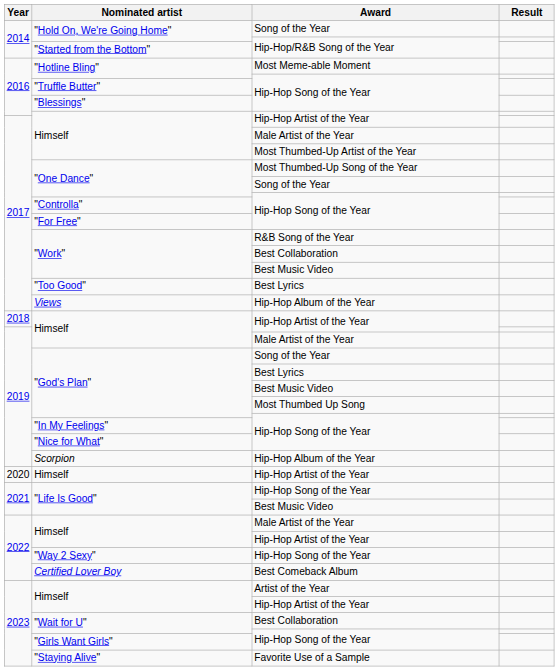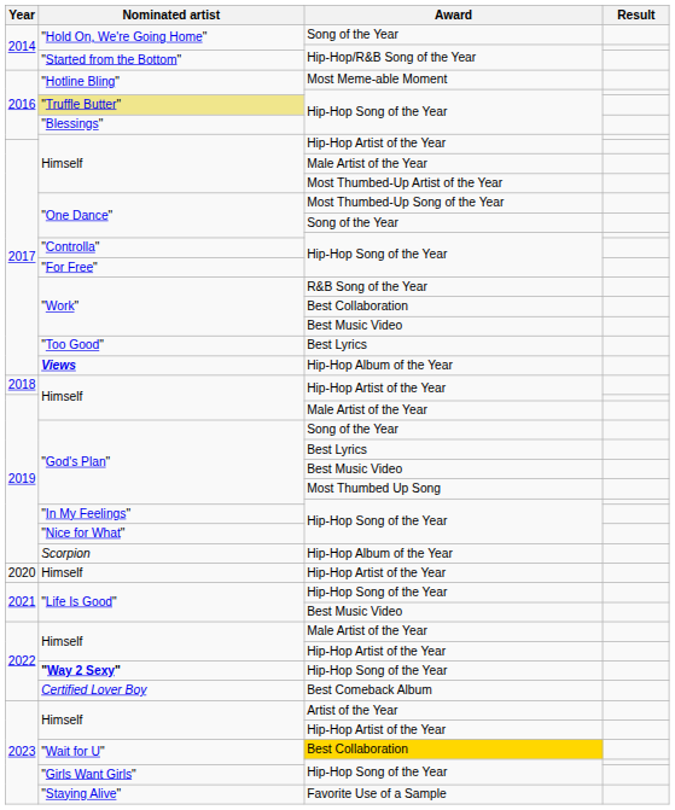 <table class="wikitable">
 <tr>
 <th style="width:5%;">Year</th>
 <th style="width:40%;">Nominated artist</th>
 <th style="width:45%;">Award</th>
 <th style="width:10%;">Result</th>
 </tr>
 <tr>
 <td rowspan="3"><a href='#'>2014</a></td>
 <td rowspan="2">"<a href='#'>Hold On, We're Going Home</a>" </td>
 <td>Song of the Year</td>
 <td></td>
 </tr>
 <tr>
 <td rowspan="2">Hip-Hop/R&B Song of the Year</td>
 <td></td>
 </tr>
 <tr>
 <td>"<a href='#'>Started from the Bottom</a>"</td>
 <td></td>
 </tr>
 <tr>
 <td rowspan="5"><a href='#'>2016</a></td>
 <td rowspan="2">"<a href='#'>Hotline Bling</a>"</td>
 <td>Most Meme-able Moment</td>
 <td></td>
 </tr>
 <tr>
 <td rowspan="3">Hip-Hop Song of the Year</td>
 <td></td>
 </tr>
 <tr>
-<td>"<a href='#'>Truffle Butter</a>" </td>
+<td style="background: khaki;">"<a href='#'>Truffle Butter</a>" </td>
 <td></td>
 </tr>
 <tr>
 <td>"<a href='#'>Blessings</a>" </td>
 <td></td>
 </tr>
 <tr>
 <td rowspan="4">Himself</td>
 <td rowspan="2">Hip-Hop Artist of the Year</td>
 <td></td>
 </tr>
 <tr>
 <td rowspan="13"><a href='#'>2017</a></td>
 <td></td>
 </tr>
 <tr>
 <td>Male Artist of the Year</td>
 <td></td>
 </tr>
 <tr>
 <td>Most Thumbed-Up Artist of the Year</td>
 <td></td>
 </tr>
 <tr>
 <td rowspan="3">"<a href='#'>One Dance</a>" </td>
 <td>Most Thumbed-Up Song of the Year</td>
 <td></td>
 </tr>
 <tr>
 <td>Song of the Year</td>
 <td></td>
 </tr>
 <tr>
 <td rowspan="3">Hip-Hop Song of the Year</td>
 <td></td>
 </tr>
 <tr>
 <td>"<a href='#'>Controlla</a>"</td>
 <td></td>
 </tr>
 <tr>
 <td>"<a href='#'>For Free</a>" </td>
 <td></td>
 </tr>
 <tr>
 <td rowspan="3">"<a href='#'>Work</a>" </td>
 <td>R&B Song of the Year</td>
 <td></td>
 </tr>
 <tr>
 <td>Best Collaboration</td>
 <td></td>
 </tr>
 <tr>
 <td>Best Music Video</td>
 <td></td>
 </tr>
 <tr>
 <td>"<a href='#'>Too Good</a>" </td>
 <td>Best Lyrics</td>
 <td></td>
 </tr>
 <tr>
-<td><em><a href='#'>Views</a></em></td>
+<td><strong><em><a href='#'>Views</a></em></strong></td>
 <td>Hip-Hop Album of the Year</td>
 <td></td>
 </tr>
 <tr>
 <td><a href='#'>2018</a></td>
 <td rowspan="3">Himself</td>
 <td rowspan="2">Hip-Hop Artist of the Year</td>
 <td></td>
 </tr>
 <tr>
 <td rowspan="10"><a href='#'>2019</a></td>
 <td></td>
 </tr>
 <tr>
 <td>Male Artist of the Year</td>
 <td></td>
 </tr>
 <tr>
 <td rowspan="5">"<a href='#'>God's Plan</a>"</td>
 <td>Song of the Year</td>
 <td></td>
 </tr>
 <tr>
 <td>Best Lyrics</td>
 <td></td>
 </tr>
 <tr>
 <td>Best Music Video</td>
 <td></td>
 </tr>
 <tr>
 <td>Most Thumbed Up Song</td>
 <td></td>
 </tr>
 <tr>
 <td rowspan="3">Hip-Hop Song of the Year</td>
 <td></td>
 </tr>
 <tr>
 <td>"<a href='#'>In My Feelings</a>"</td>
 <td></td>
 </tr>
 <tr>
 <td>"<a href='#'>Nice for What</a>"</td>
 <td></td>
 </tr>
 <tr>
 <td><em>Scorpion</em></td>
 <td>Hip-Hop Album of the Year</td>
 <td></td>
 </tr>
 <tr>
 <td>2020</td>
 <td>Himself</td>
 <td>Hip-Hop Artist of the Year</td>
 <td></td>
 </tr>
 <tr>
 <td rowspan="2"><a href='#'>2021</a></td>
 <td rowspan="2">"<a href='#'>Life Is Good</a>" </td>
 <td Hip-Hop Song of the Year>Hip-Hop Song of the Year</td>
 <td></td>
 </tr>
 <tr>
 <td>Best Music Video</td>
 <td></td>
 </tr>
 <tr>
 <td rowspan="4"><a href='#'>2022</a></td>
 <td rowspan="2">Himself</td>
 <td>Male Artist of the Year</td>
 <td></td>
 </tr>
 <tr>
 <td>Hip-Hop Artist of the Year</td>
 <td></td>
 </tr>
 <tr>
-<td>"<a href='#'>Way 2 Sexy</a>" </td>
+<td><strong>"<a href='#'>Way 2 Sexy</a>" </strong></td>
 <td>Hip-Hop Song of the Year</td>
 <td></td>
 </tr>
 <tr>
 <td><em><a href='#'>Certified Lover Boy</a></em></td>
 <td>Best Comeback Album</td>
 <td></td>
 </tr>
 <tr>
 <td rowspan="6"><a href='#'>2023</a></td>
 <td rowspan="2">Himself</td>
 <td>Artist of the Year</td>
 <td></td>
 </tr>
 <tr>
 <td>Hip-Hop Artist of the Year</td>
 <td></td>
 </tr>
 <tr>
 <td rowspan="2">"<a href='#'>Wait for U</a>" </td>
-<td>Best Collaboration</td>
+<td style="background: gold;">Best Collaboration</td>
 <td></td>
 </tr>
 <tr>
 <td rowspan="2">Hip-Hop Song of the Year</td>
 <td></td>
 </tr>
 <tr>
 <td>"<a href='#'>Girls Want Girls</a>" </td>
 <td></td>
 </tr>
 <tr>
 <td>"<a href='#'>Staying Alive</a>" </td>
 <td>Favorite Use of a Sample</td>
 <td></td>
 </tr>
 </table>
